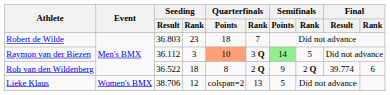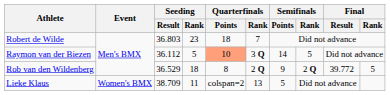 <table class=wikitable style="font-size:90%">
 <tr>
 <th rowspan="2">Athlete</th>
 <th rowspan="2">Event</th>
 <th colspan="2">Seeding</th>
 <th colspan="2">Quarterfinals</th>
 <th colspan="2">Semifinals</th>
 <th colspan="2">Final</th>
 </tr>
 <tr style="font-size:95%">
 <th>Result</th>
 <th>Rank</th>
 <th>Points</th>
 <th>Rank</th>
 <th>Points</th>
 <th>Rank</th>
 <th>Result</th>
 <th>Rank</th>
 </tr>
 <tr align=center>
 <td align=left><a href='#'>Robert de Wilde</a></td>
 <td align=left rowspan=3><a href='#'>Men's BMX</a></td>
 <td>36.803</td>
 <td>23</td>
 <td>18</td>
 <td>7</td>
 <td colspan=4>Did not advance</td>
 </tr>
 <tr align=center>
 <td align=left><a href='#'>Raymon van der Biezen</a></td>
 <td>36.112</td>
-<td>3</td>
+<td>5</td>
 <td style="background: lightsalmon;">10</td>
 <td>3 <strong>Q</strong></td>
-<td style="background: lightgreen;">14</td>
+<td>14</td>
 <td>5</td>
 <td colspan=2>Did not advance</td>
 </tr>
 <tr align=center>
 <td align=left><a href='#'>Rob van den Wildenberg</a></td>
-<td>36.522</td>
+<td>36.529</td>
 <td>18</td>
 <td>8</td>
 <td>2 <strong>Q</strong></td>
 <td>9</td>
 <td>2 <strong>Q</strong></td>
-<td>39.774</td>
-<td>6</td>
+<td>39.772</td>
+<td>5</td>
 </tr>
 <tr align=center>
 <td align=left><a href='#'>Lieke Klaus</a></td>
 <td align=left><a href='#'>Women's BMX</a></td>
-<td>38.706</td>
-<td>12</td>
+<td>38.709</td>
+<td>11</td>
 <td>colspan=2 </td>
 <td>13</td>
 <td>5</td>
 <td colspan=2>Did not advance</td>
 </tr>
 </table>
